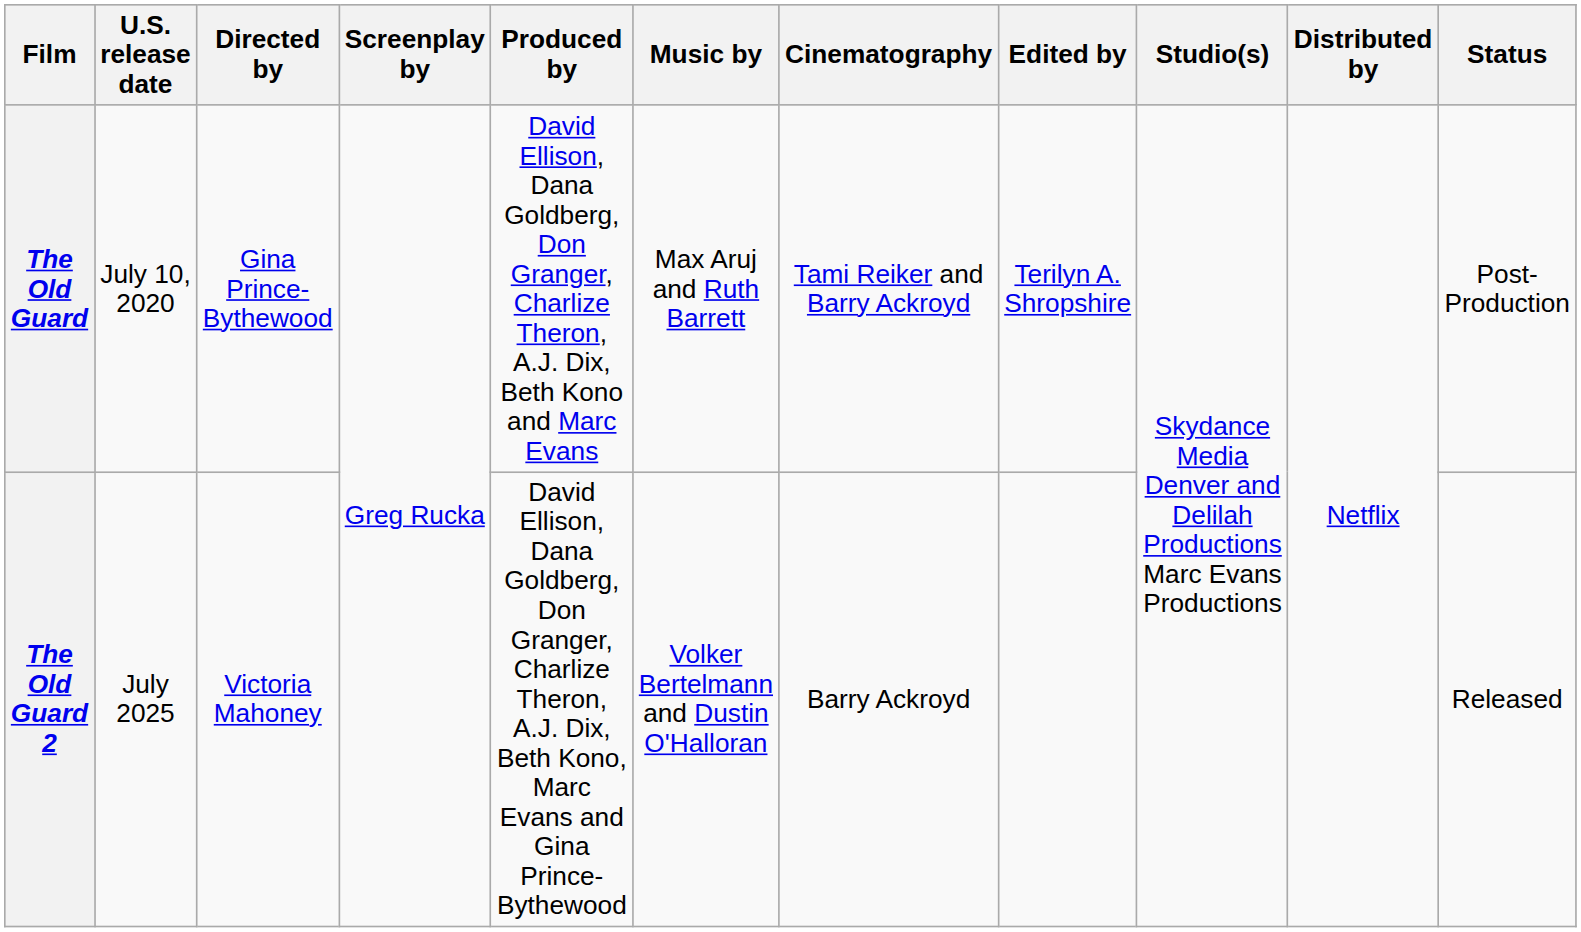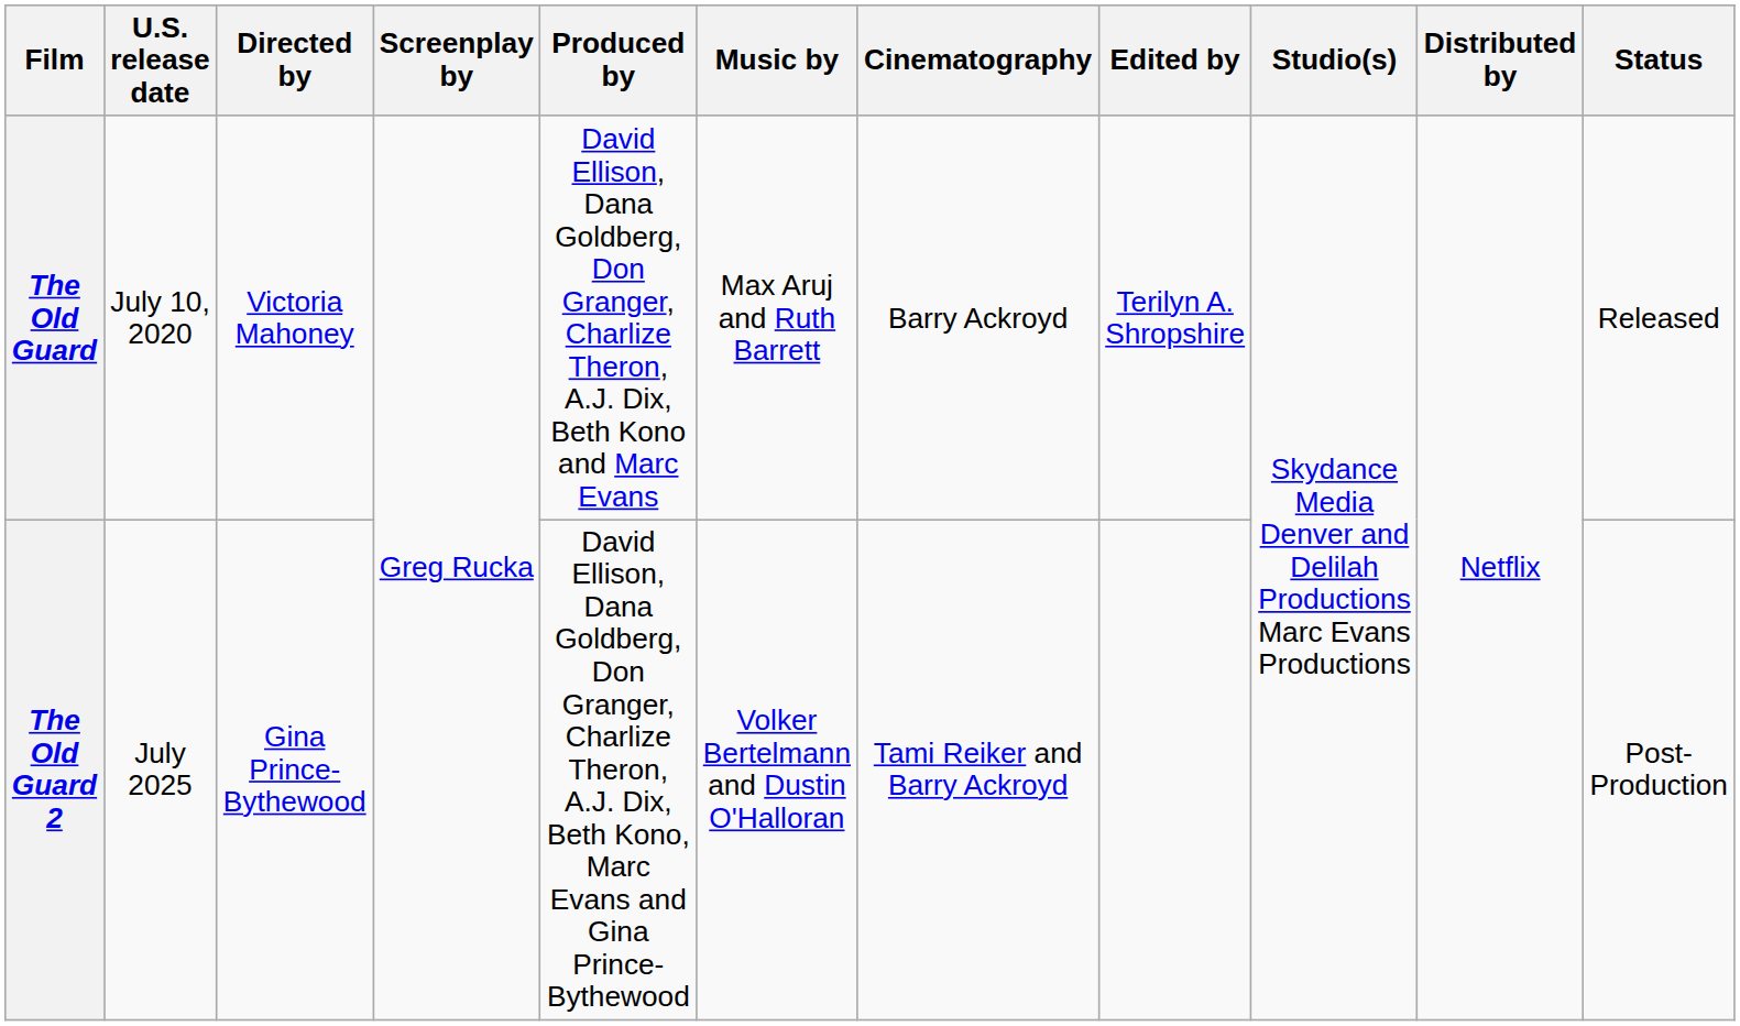 <table class="wikitable plainrowheaders" style="text-align:center" width="100%;">
 <tr>
 <th>Film</th>
 <th>U.S. release date</th>
 <th>Directed by</th>
 <th>Screenplay by</th>
 <th>Produced by</th>
 <th>Music by</th>
 <th>Cinematography</th>
 <th>Edited by</th>
 <th>Studio(s)</th>
 <th>Distributed by</th>
 <th>Status</th>
 </tr>
 <tr>
 <th scope=row><em><a href='#'>The Old Guard</a></em></th>
 <td>July 10, 2020</td>
-<td><a href='#'>Gina Prince-Bythewood</a></td>
+<td><a href='#'>Victoria Mahoney</a></td>
 <td rowspan="2"><a href='#'>Greg Rucka</a></td>
 <td><a href='#'>David Ellison</a>, Dana Goldberg, <a href='#'>Don Granger</a>, <a href='#'>Charlize Theron</a>, A.J. Dix, Beth Kono and <a href='#'>Marc Evans</a></td>
 <td>Max Aruj and <a href='#'>Ruth Barrett</a></td>
-<td><a href='#'>Tami Reiker</a> and <a href='#'>Barry Ackroyd</a></td>
+<td>Barry Ackroyd</td>
 <td><a href='#'>Terilyn A. Shropshire</a></td>
 <td rowspan="2"><a href='#'>Skydance Media</a><br><a href='#'>Denver and Delilah Productions</a><br>Marc Evans Productions</td>
 <td rowspan="2"><a href='#'>Netflix</a></td>
-<td>Post-Production</td>
+<td>Released</td>
 </tr>
 <tr>
 <th scope=row><em><a href='#'>The Old Guard 2</a></em></th>
 <td>July 2025</td>
-<td><a href='#'>Victoria Mahoney</a></td>
+<td><a href='#'>Gina Prince-Bythewood</a></td>
 <td>David Ellison, Dana Goldberg, Don Granger, Charlize Theron, A.J. Dix, Beth Kono, Marc Evans and Gina Prince-Bythewood</td>
 <td><a href='#'>Volker Bertelmann</a> and <a href='#'>Dustin O'Halloran</a></td>
-<td>Barry Ackroyd</td>
+<td><a href='#'>Tami Reiker</a> and <a href='#'>Barry Ackroyd</a></td>
 <td></td>
-<td>Released</td>
+<td>Post-Production</td>
 </tr>
 </table>
